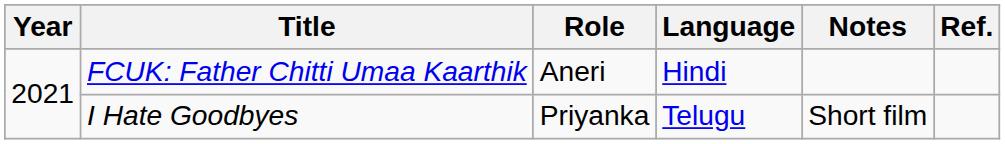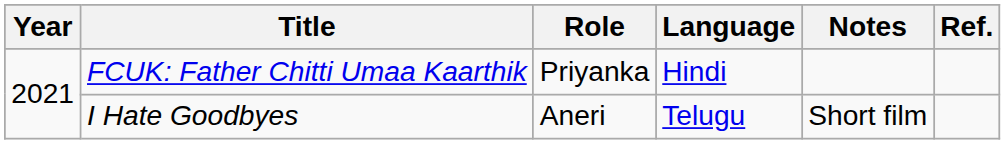 <table class="wikitable">
 <tr>
 <th>Year</th>
 <th>Title</th>
 <th>Role</th>
 <th>Language</th>
 <th>Notes</th>
 <th>Ref.</th>
 </tr>
 <tr>
 <td rowspan="2">2021</td>
 <td><em><a href='#'>FCUK: Father Chitti Umaa Kaarthik</a></em></td>
-<td>Aneri</td>
+<td>Priyanka</td>
 <td><a href='#'>Hindi</a></td>
 <td></td>
 <td></td>
 </tr>
 <tr>
 <td><em>I Hate Goodbyes</em></td>
-<td>Priyanka</td>
+<td>Aneri</td>
 <td><a href='#'>Telugu</a></td>
 <td>Short film</td>
 <td></td>
 </tr>
 </table>
